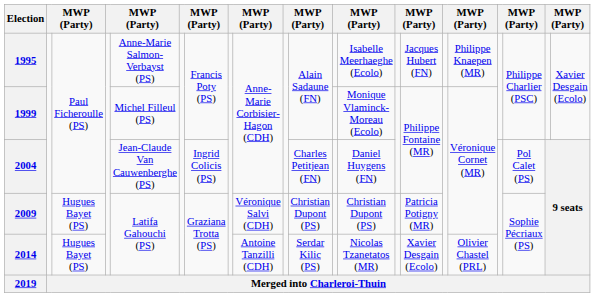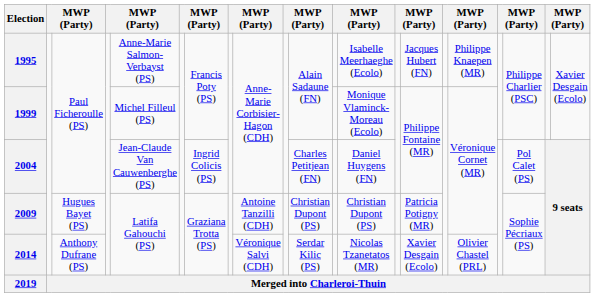 <table class="wikitable" style="text-align:center">
 <tr>
 <th>Election</th>
 <th colspan=2>MWP<br>(Party)</th>
 <th colspan=2>MWP<br>(Party)</th>
 <th colspan=2>MWP<br>(Party)</th>
 <th colspan=2>MWP<br>(Party)</th>
 <th colspan=2>MWP<br>(Party)</th>
 <th colspan=2>MWP<br>(Party)</th>
 <th colspan=2>MWP<br>(Party)</th>
 <th colspan=2>MWP<br>(Party)</th>
 <th colspan=2>MWP<br>(Party)</th>
 <th colspan=2>MWP<br>(Party)</th>
 </tr>
 <tr>
 <th><a href='#'>1995</a></th>
 <td rowspan=5; style="background-color: "></td>
 <td rowspan=3><a href='#'>Paul Ficheroulle</a><br>(<a href='#'>PS</a>)</td>
 <td rowspan=5; style="background-color: "></td>
 <td rowspan=1><a href='#'>Anne-Marie Salmon-Verbayst</a><br>(<a href='#'>PS</a>)</td>
 <td rowspan=5; style="background-color: "></td>
 <td rowspan=2><a href='#'>Francis Poty</a><br>(<a href='#'>PS</a>)</td>
 <td rowspan=5; style="background-color: "></td>
 <td rowspan=3><a href='#'>Anne-Marie Corbisier-Hagon</a><br>(<a href='#'>CDH</a>)</td>
 <td rowspan=3; style="background-color: "></td>
 <td rowspan=2><a href='#'>Alain Sadaune</a><br>(<a href='#'>FN</a>)</td>
 <td rowspan=1; style="background-color: "></td>
 <td rowspan=1><a href='#'>Isabelle Meerhaeghe</a><br>(<a href='#'>Ecolo</a>)</td>
 <td rowspan=1; style="background-color: "></td>
 <td rowspan=1><a href='#'>Jacques Hubert</a><br>(<a href='#'>FN</a>)</td>
 <td rowspan=1; style="background-color: "></td>
 <td rowspan=1><a href='#'>Philippe Knaepen</a><br>(<a href='#'>MR</a>)</td>
 <td rowspan=2; style="background-color: "></td>
 <td rowspan=2><a href='#'>Philippe Charlier</a><br>(<a href='#'>PSC</a>)</td>
 <td rowspan=2; style="background-color: "></td>
 <td rowspan=2><a href='#'>Xavier Desgain</a><br>(<a href='#'>Ecolo</a>)</td>
 </tr>
 <tr>
 <th><a href='#'>1999</a></th>
 <td rowspan=1><a href='#'>Michel Filleul</a><br>(<a href='#'>PS</a>)</td>
 <td rowspan=1; style="background-color: "></td>
 <td rowspan=1><a href='#'>Monique Vlaminck-Moreau</a><br>(<a href='#'>Ecolo</a>)</td>
 <td rowspan=2; style="background-color: "></td>
 <td rowspan=2><a href='#'>Philippe Fontaine</a><br>(<a href='#'>MR</a>)</td>
 <td rowspan=4; style="background-color: "></td>
 <td rowspan=3><a href='#'>Véronique Cornet</a><br>(<a href='#'>MR</a>)</td>
 </tr>
 <tr>
 <th><a href='#'>2004</a></th>
 <td rowspan=1><a href='#'>Jean-Claude Van Cauwenberghe</a><br>(<a href='#'>PS</a>)</td>
 <td rowspan=1><a href='#'>Ingrid Colicis</a><br>(<a href='#'>PS</a>)</td>
 <td rowspan=1><a href='#'>Charles Petitjean</a><br>(<a href='#'>FN</a>)</td>
 <td rowspan=1; style="background-color: "></td>
 <td rowspan=1><a href='#'>Daniel Huygens</a><br>(<a href='#'>FN</a>)</td>
 <td rowspan=3; style="background-color: "></td>
 <td rowspan=1><a href='#'>Pol Calet</a><br>(<a href='#'>PS</a>)</td>
 <th colspan=2; rowspan=3>9 seats</th>
 </tr>
 <tr>
 <th><a href='#'>2009</a></th>
 <td rowspan=1><a href='#'>Hugues Bayet</a><br>(<a href='#'>PS</a>)</td>
 <td rowspan=2><a href='#'>Latifa Gahouchi</a><br>(<a href='#'>PS</a>)</td>
 <td rowspan=2><a href='#'>Graziana Trotta</a><br>(<a href='#'>PS</a>)</td>
-<td rowspan=1><a href='#'>Véronique Salvi</a><br>(<a href='#'>CDH</a>)</td>
+<td rowspan=1><a href='#'>Antoine Tanzilli</a><br>(<a href='#'>CDH</a>)</td>
 <td rowspan=2; style="background-color: "></td>
 <td rowspan=1><a href='#'>Christian Dupont</a><br>(<a href='#'>PS</a>)</td>
 <td rowspan=1; style="background-color: "></td>
 <td rowspan=1><a href='#'>Christian Dupont</a><br>(<a href='#'>PS</a>)</td>
 <td rowspan=1; style="background-color: "></td>
 <td rowspan=1><a href='#'>Patricia Potigny</a><br>(<a href='#'>MR</a>)</td>
 <td rowspan=2><a href='#'>Sophie Pécriaux</a><br>(<a href='#'>PS</a>)</td>
 </tr>
 <tr>
 <th><a href='#'>2014</a></th>
-<td rowspan=1><a href='#'>Hugues Bayet</a><br>(<a href='#'>PS</a>)</td>
-<td rowspan=1><a href='#'>Antoine Tanzilli</a><br>(<a href='#'>CDH</a>)</td>
+<td rowspan=1><a href='#'>Anthony Dufrane</a><br>(<a href='#'>PS</a>)</td>
+<td rowspan=1><a href='#'>Véronique Salvi</a><br>(<a href='#'>CDH</a>)</td>
 <td rowspan=1><a href='#'>Serdar Kilic</a><br>(<a href='#'>PS</a>)</td>
 <td rowspan=1; style="background-color: "></td>
 <td rowspan=1><a href='#'>Nicolas Tzanetatos</a><br>(<a href='#'>MR</a>)</td>
 <td rowspan=1; style="background-color: "></td>
 <td rowspan=1><a href='#'>Xavier Desgain</a><br>(<a href='#'>Ecolo</a>)</td>
 <td rowspan=1><a href='#'>Olivier Chastel</a><br>(<a href='#'>PRL</a>)</td>
 </tr>
 <tr>
 <th><a href='#'>2019</a></th>
 <th colspan=20>Merged into <a href='#'>Charleroi-Thuin</a></th>
 </tr>
 </table>
